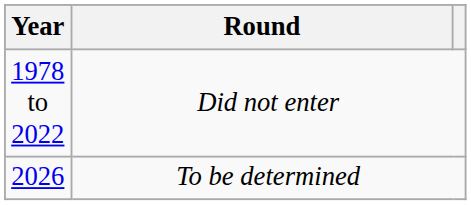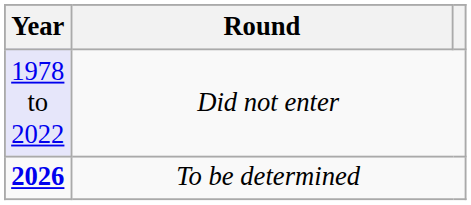 <table class="wikitable" style="text-align: center; font-size:90%">
 <tr>
 <th>Year</th>
 <th style="width:200px">Round</th>
 <th></th>
 </tr>
 <tr>
-<td><a href='#'>1978</a><br>to<br><a href='#'>2022</a></td>
+<td style="background: lavender;"><a href='#'>1978</a><br>to<br><a href='#'>2022</a></td>
 <td colspan="2"><em>Did not enter</em></td>
 </tr>
 <tr>
-<td><a href='#'>2026</a></td>
+<td><strong><a href='#'>2026</a></strong></td>
 <td colspan="2"><em>To be determined</em></td>
 </tr>
 </table>
